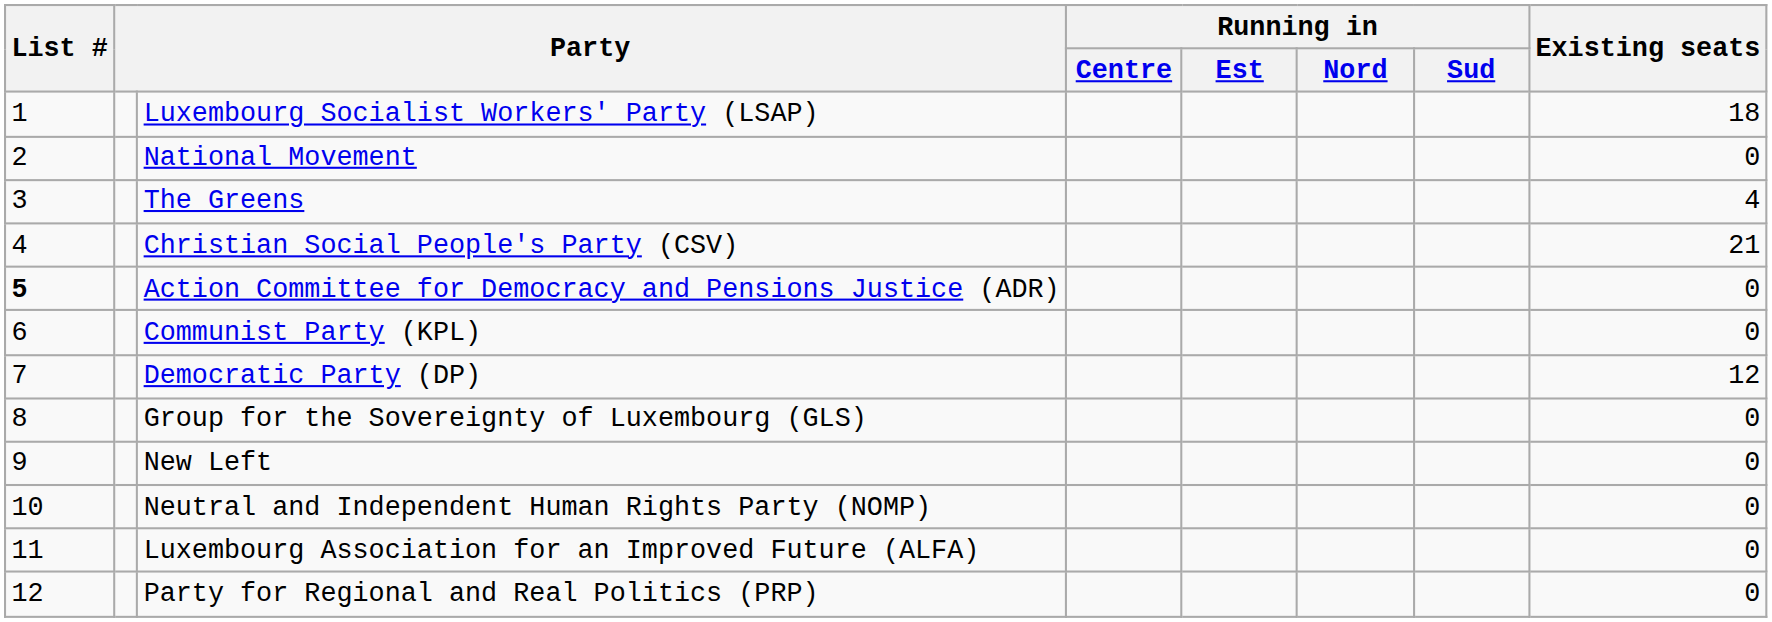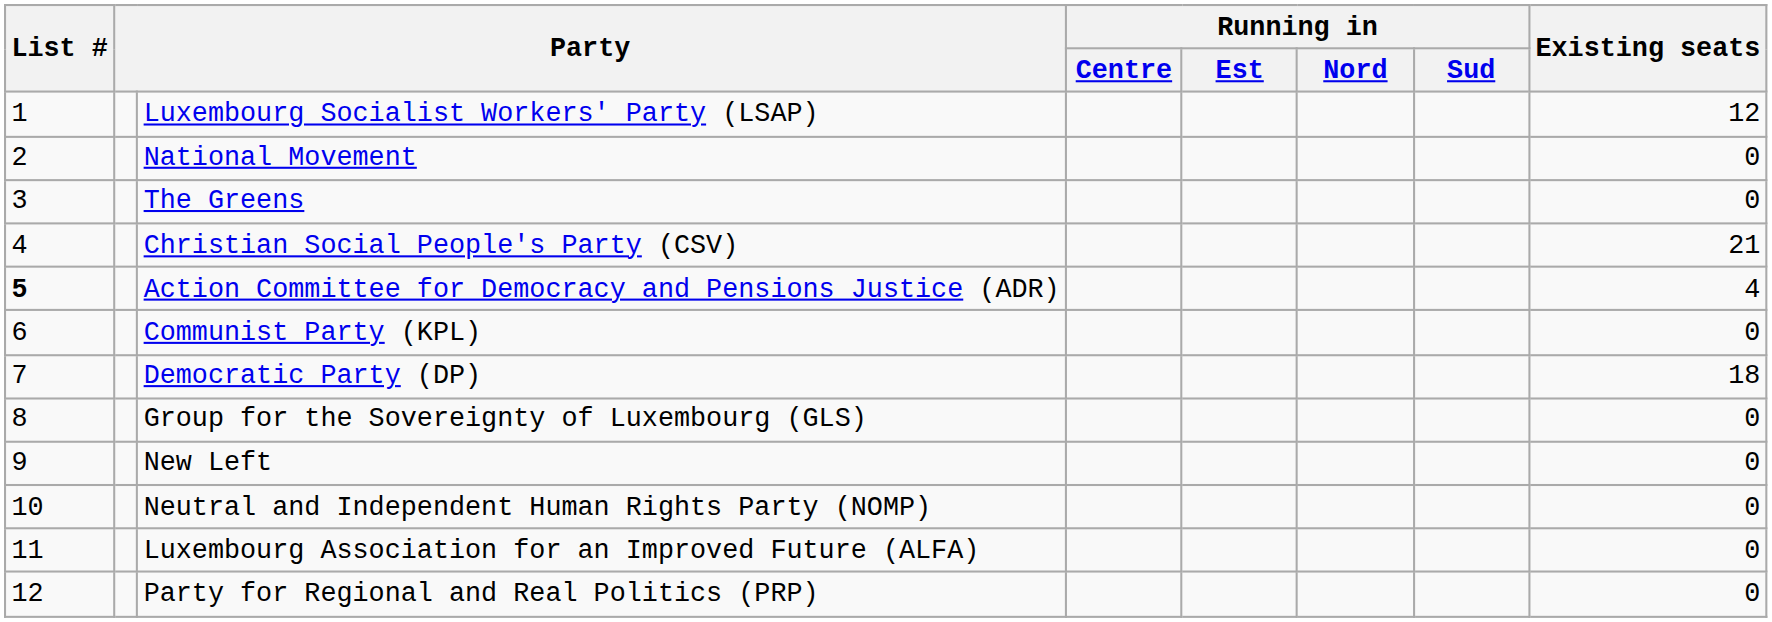 <table class="wikitable">
 <tr>
 <th rowspan=2>List #</th>
 <th rowspan=2 colspan=2>Party</th>
 <th colspan=4>Running in</th>
 <th rowspan=2>Existing seats</th>
 </tr>
 <tr>
 <th width=50px><a href='#'>Centre</a></th>
 <th width=50px><a href='#'>Est</a></th>
 <th width=50px><a href='#'>Nord</a></th>
 <th width=50px><a href='#'>Sud</a></th>
 </tr>
 <tr>
 <td>1</td>
 <td style="background-color: "></td>
 <td><a href='#'>Luxembourg Socialist Workers' Party</a> (LSAP)</td>
 <td align=center></td>
 <td align=center></td>
 <td align=center></td>
 <td align=center></td>
-<td align=right>18</td>
+<td align=right>12</td>
 </tr>
 <tr>
 <td>2</td>
 <td style="background-color: "></td>
 <td><a href='#'>National Movement</a></td>
 <td align=center></td>
 <td align=center></td>
 <td align=center></td>
 <td align=center></td>
 <td align=right>0</td>
 </tr>
 <tr>
 <td>3</td>
 <td style="background-color: "></td>
 <td><a href='#'>The Greens</a></td>
 <td align=center></td>
 <td align=center></td>
 <td align=center></td>
 <td align=center></td>
-<td align=right>4</td>
+<td align=right>0</td>
 </tr>
 <tr>
 <td>4</td>
 <td style="background-color: "></td>
 <td><a href='#'>Christian Social People's Party</a> (CSV)</td>
 <td align=center></td>
 <td align=center></td>
 <td align=center></td>
 <td align=center></td>
 <td align=right>21</td>
 </tr>
 <tr>
 <td><strong>5</strong></td>
 <td width=5px style="background-color: "></td>
 <td><a href='#'>Action Committee for Democracy and Pensions Justice</a> (ADR)</td>
 <td align=center></td>
 <td align=center></td>
 <td align=center></td>
 <td align=center></td>
-<td align=right>0</td>
+<td align=right>4</td>
 </tr>
 <tr>
 <td>6</td>
 <td style="background-color: "></td>
 <td><a href='#'>Communist Party</a> (KPL)</td>
 <td align=center></td>
 <td align=center></td>
 <td align=center></td>
 <td align=center></td>
 <td align=right>0</td>
 </tr>
 <tr>
 <td>7</td>
 <td style="background-color: "></td>
 <td><a href='#'>Democratic Party</a> (DP)</td>
 <td align=center></td>
 <td align=center></td>
 <td align=center></td>
 <td align=center></td>
-<td align=right>12</td>
+<td align=right>18</td>
 </tr>
 <tr>
 <td>8</td>
 <td></td>
 <td>Group for the Sovereignty of Luxembourg (GLS)</td>
 <td align=center></td>
 <td align=center></td>
 <td align=center></td>
 <td align=center></td>
 <td align=right>0</td>
 </tr>
 <tr>
 <td>9</td>
 <td style="background-color: "></td>
 <td>New Left</td>
 <td align=center></td>
 <td align=center></td>
 <td align=center></td>
 <td align=center></td>
 <td align=right>0</td>
 </tr>
 <tr>
 <td>10</td>
 <td></td>
 <td>Neutral and Independent Human Rights Party (NOMP)</td>
 <td align=center></td>
 <td align=center></td>
 <td align=center></td>
 <td align=center></td>
 <td align=right>0</td>
 </tr>
 <tr>
 <td>11</td>
 <td></td>
 <td>Luxembourg Association for an Improved Future (ALFA)</td>
 <td align=center></td>
 <td align=center></td>
 <td align=center></td>
 <td align=center></td>
 <td align=right>0</td>
 </tr>
 <tr>
 <td>12</td>
 <td></td>
 <td>Party for Regional and Real Politics (PRP)</td>
 <td align=center></td>
 <td align=center></td>
 <td align=center></td>
 <td align=center></td>
 <td align=right>0</td>
 </tr>
 </table>
